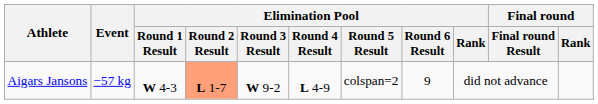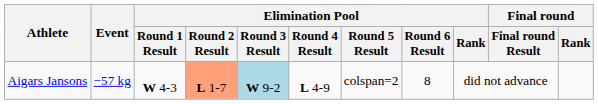 <table class="wikitable" style="font-size:90%">
 <tr>
 <th rowspan="2">Athlete</th>
 <th rowspan="2">Event</th>
 <th colspan=7>Elimination Pool</th>
 <th colspan=2>Final round</th>
 </tr>
 <tr style="font-size: 95%">
 <th>Round 1<br>Result</th>
 <th>Round 2<br>Result</th>
 <th>Round 3<br>Result</th>
 <th>Round 4<br>Result</th>
 <th>Round 5<br>Result</th>
 <th>Round 6<br>Result</th>
 <th>Rank</th>
 <th>Final round<br>Result</th>
 <th>Rank</th>
 </tr>
 <tr align=center>
 <td align=left><a href='#'>Aigars Jansons</a></td>
 <td align=left><a href='#'>−57 kg</a></td>
 <td><br><strong>W</strong> 4-3</td>
 <td style="background: lightsalmon;"><br><strong>L</strong> 1-7</td>
-<td><br><strong>W</strong> 9-2</td>
+<td style="background: lightblue;"><br><strong>W</strong> 9-2</td>
 <td><br><strong>L</strong> 4-9</td>
 <td>colspan=2 </td>
-<td>9</td>
+<td>8</td>
 <td colspan=2>did not advance</td>
 </tr>
 </table>
